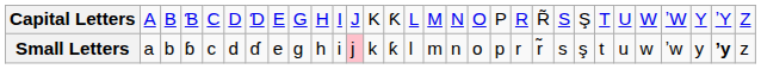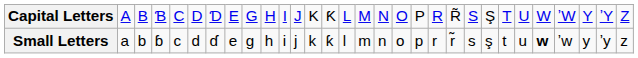 <table class="wikitable">
 <tr>
 <th scope = "row">Capital Letters</th>
 <td><a href='#'>A</a></td>
 <td><a href='#'>B</a></td>
 <td><a href='#'>Ɓ</a></td>
 <td><a href='#'>C</a></td>
 <td><a href='#'>D</a></td>
 <td><a href='#'>Ɗ</a></td>
 <td><a href='#'>E</a></td>
 <td><a href='#'>G</a></td>
 <td><a href='#'>H</a></td>
 <td><a href='#'>I</a></td>
 <td><a href='#'>J</a></td>
 <td>K</td>
 <td>Ƙ</td>
 <td><a href='#'>L</a></td>
 <td><a href='#'>M</a></td>
 <td><a href='#'>N</a></td>
 <td><a href='#'>O</a></td>
 <td>P</td>
 <td><a href='#'>R</a></td>
 <td>R̃</td>
 <td><a href='#'>S</a></td>
 <td>Ş</td>
 <td><a href='#'>T</a></td>
 <td><a href='#'>U</a></td>
 <td><a href='#'>W</a></td>
 <td><a href='#'>ʼW</a></td>
 <td><a href='#'>Y</a></td>
 <td><a href='#'>ʼY</a></td>
 <td><a href='#'>Z</a></td>
 </tr>
 <tr>
 <th scope = "row">Small Letters</th>
 <td>a</td>
 <td>b</td>
 <td>ɓ</td>
 <td>c</td>
 <td>d</td>
 <td>ɗ</td>
 <td>e</td>
 <td>g</td>
 <td>h</td>
 <td>i</td>
-<td style="background: pink;">j</td>
+<td>j</td>
 <td>k</td>
 <td>ƙ</td>
 <td>l</td>
 <td>m</td>
 <td>n</td>
 <td>o</td>
 <td>p</td>
 <td>r</td>
 <td>r̃</td>
 <td>s</td>
 <td>ş</td>
 <td>t</td>
 <td>u</td>
-<td>w</td>
+<td><strong>w</strong></td>
 <td>ʼw</td>
 <td>y</td>
-<td><strong>ʼy</strong></td>
+<td>ʼy</td>
 <td>z</td>
 </tr>
 </table>
